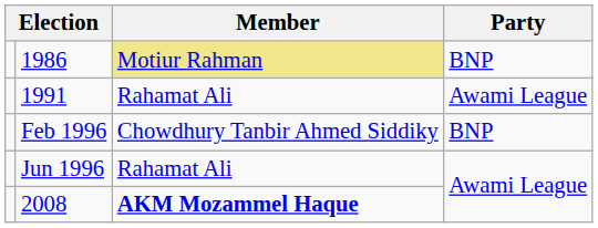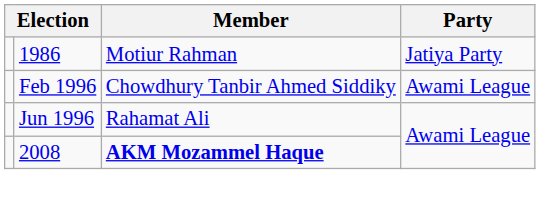 <table class="wikitable">
 <tr>
 <th colspan="2">Election</th>
 <th>Member</th>
 <th>Party</th>
 </tr>
 <tr>
 <td style="background-color:"></td>
 <td><a href='#'>1986</a></td>
-<td style="background: khaki;"><a href='#'>Motiur Rahman</a></td>
-<td><a href='#'>BNP</a></td>
-</tr>
-<tr>
-<td style="background-color:"></td>
-<td><a href='#'>1991</a></td>
-<td><a href='#'>Rahamat Ali</a></td>
-<td><a href='#'>Awami League</a></td>
+<td><a href='#'>Motiur Rahman</a></td>
+<td><a href='#'>Jatiya Party</a></td>
 </tr>
 <tr>
 <td style="background-color:"></td>
 <td><a href='#'>Feb 1996</a></td>
 <td><a href='#'>Chowdhury Tanbir Ahmed Siddiky</a></td>
-<td><a href='#'>BNP</a></td>
+<td><a href='#'>Awami League</a></td>
 </tr>
 <tr>
 <td style="background-color:"></td>
 <td><a href='#'>Jun 1996</a></td>
 <td><a href='#'>Rahamat Ali</a></td>
 <td rowspan="2"><a href='#'>Awami League</a></td>
 </tr>
 <tr>
 <td style="background-color:"></td>
 <td><a href='#'>2008</a></td>
 <td><strong><a href='#'>AKM Mozammel Haque</a></strong></td>
 </tr>
 </table>
